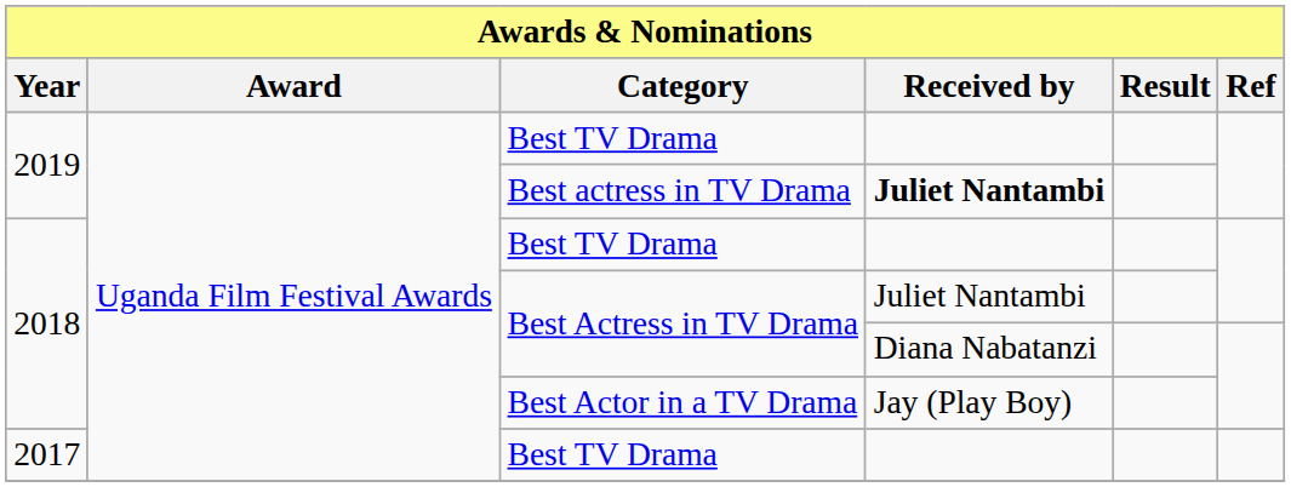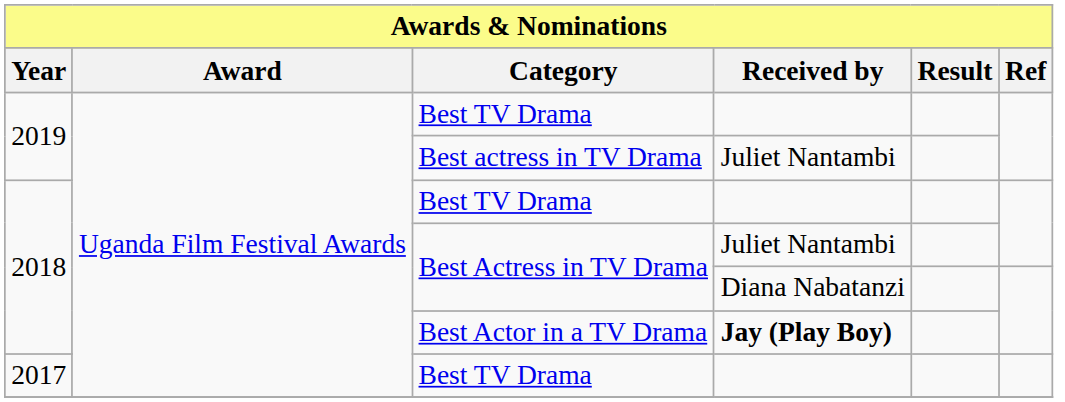 <table class="wikitable" width="">
 <tr>
 <th colspan="6" style="background: #FBFC8A;">Awards & Nominations</th>
 </tr>
 <tr style="background:#ccc; text-align:center;">
 <th>Year</th>
 <th>Award</th>
 <th>Category</th>
 <th>Received by</th>
 <th>Result</th>
 <th>Ref</th>
 </tr>
 <tr>
 <td rowspan="2">2019</td>
 <td rowspan="7"><a href='#'>Uganda Film Festival Awards</a></td>
 <td><a href='#'>Best TV Drama</a></td>
 <td></td>
 <td></td>
 <td rowspan="2"></td>
 </tr>
 <tr>
 <td><a href='#'>Best actress in TV Drama</a></td>
-<td><strong>Juliet Nantambi</strong></td>
+<td>Juliet Nantambi</td>
 <td></td>
 </tr>
 <tr>
 <td rowspan="4">2018</td>
 <td><a href='#'>Best TV Drama</a></td>
 <td></td>
 <td></td>
 <td rowspan="2"></td>
 </tr>
 <tr>
 <td rowspan="2"><a href='#'>Best Actress in TV Drama</a></td>
 <td>Juliet Nantambi</td>
 <td></td>
 </tr>
 <tr>
 <td>Diana Nabatanzi</td>
 <td></td>
 <td rowspan="2"></td>
 </tr>
 <tr>
 <td><a href='#'>Best Actor in a TV Drama</a></td>
-<td>Jay (Play Boy)</td>
+<td><strong>Jay (Play Boy)</strong></td>
 <td></td>
 </tr>
 <tr>
 <td>2017</td>
 <td><a href='#'>Best TV Drama</a></td>
 <td></td>
 <td></td>
 <td></td>
 </tr>
 <tr>
 </tr>
 </table>
